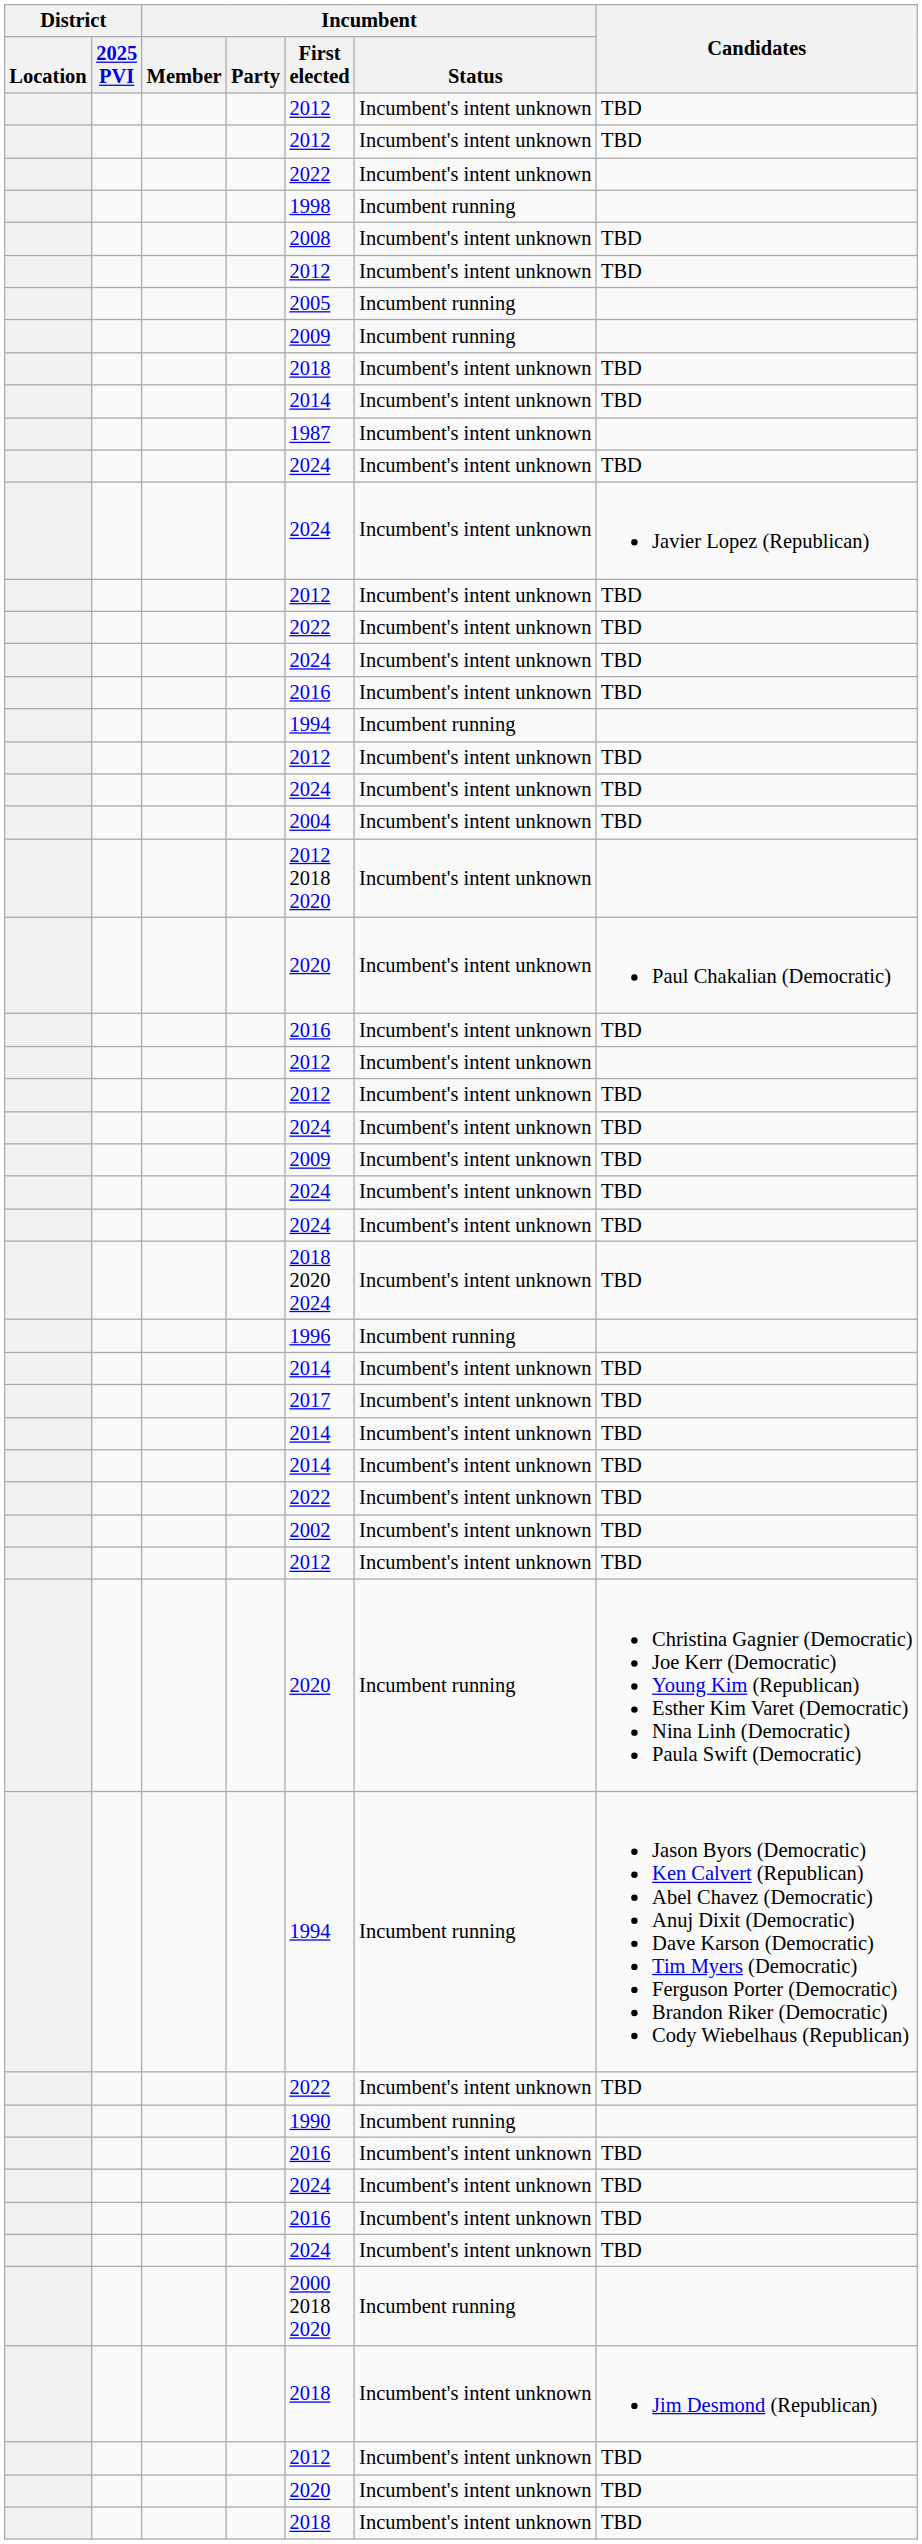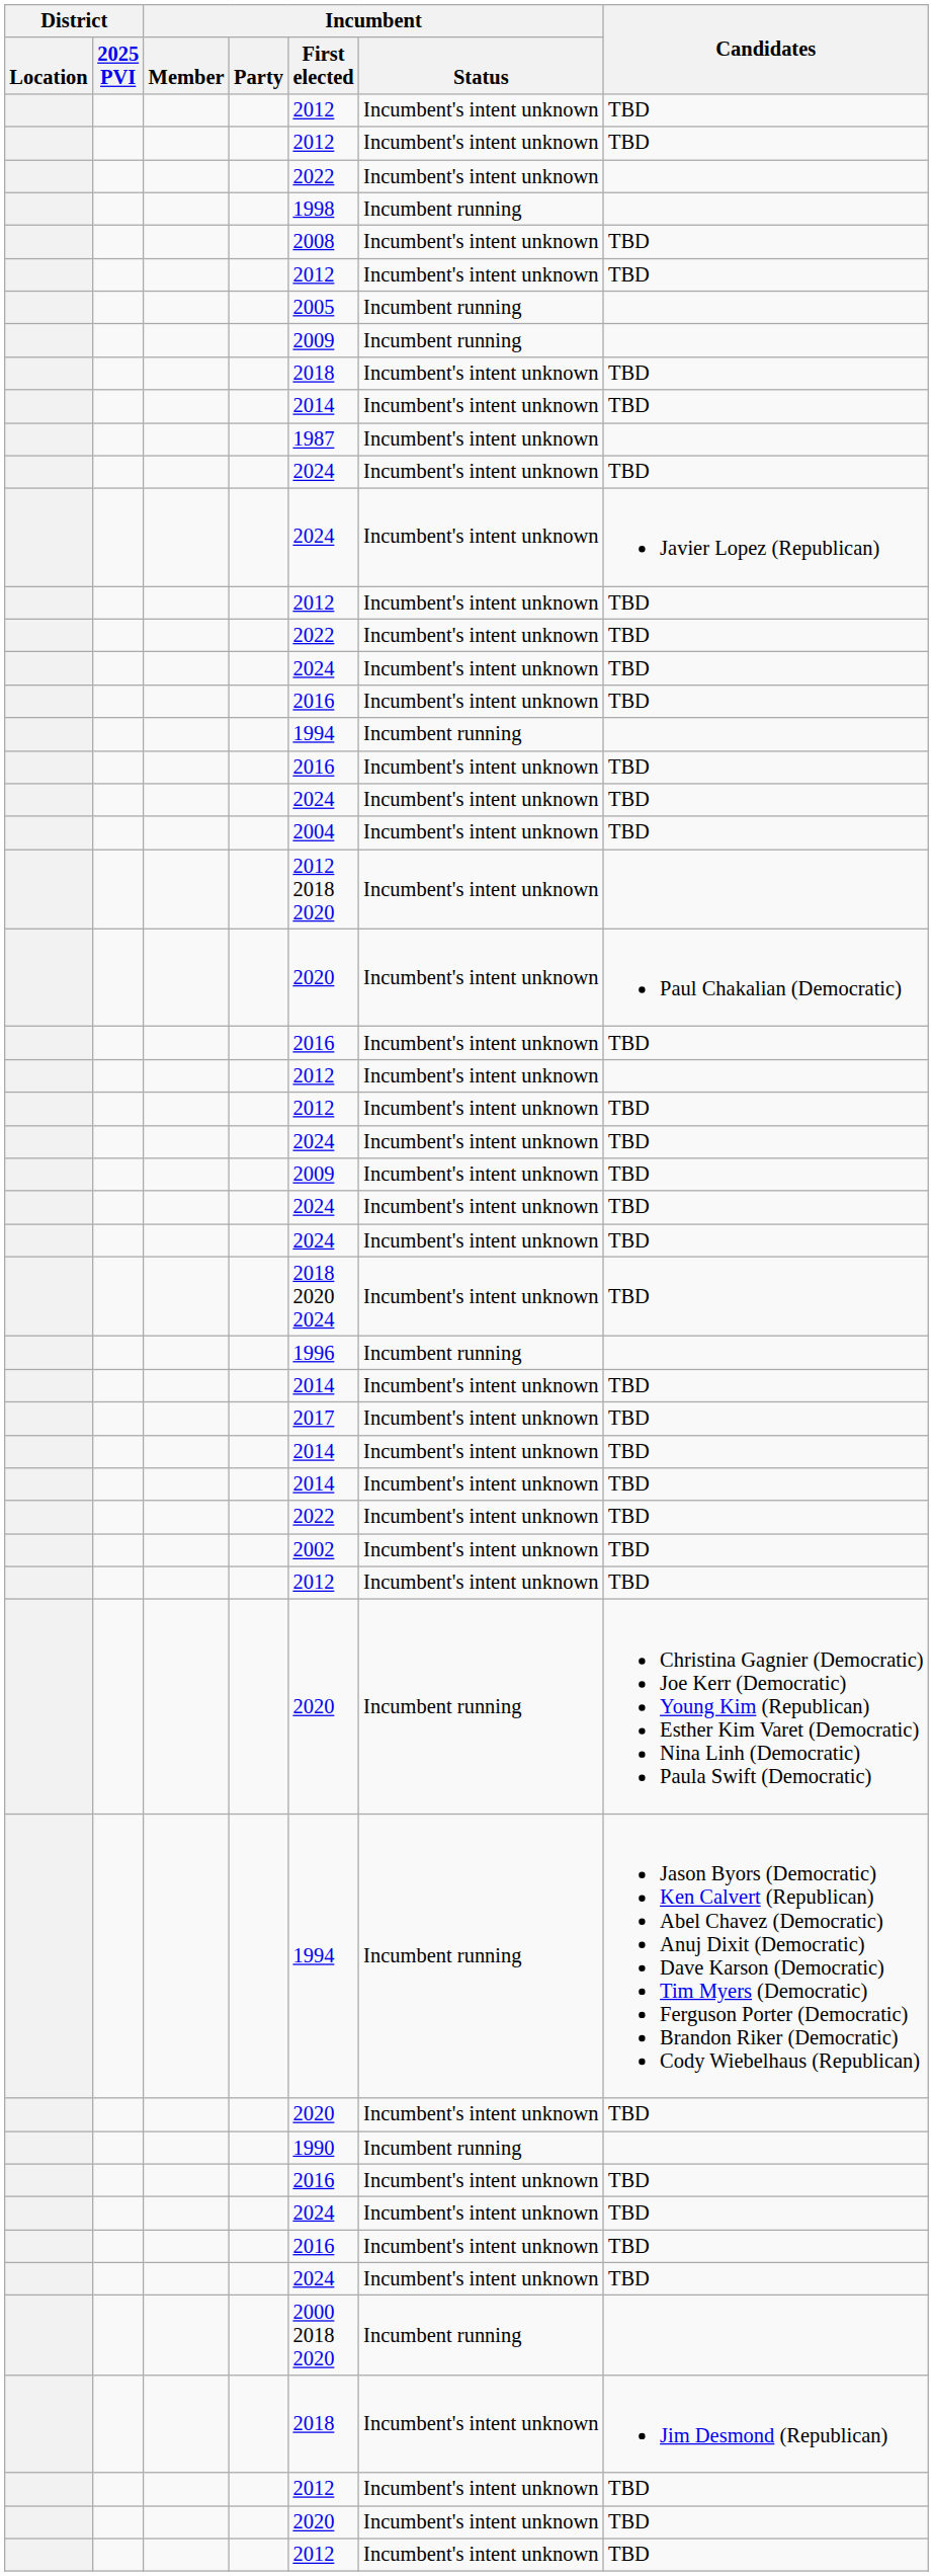 <table class="wikitable sortable">
 <tr>
 <th colspan=2>District</th>
 <th colspan=4>Incumbent</th>
 <th rowspan=2 class="unsortable">Candidates</th>
 </tr>
 <tr valign=bottom>
 <th>Location</th>
 <th><a href='#'>2025<br>PVI</a></th>
 <th>Member</th>
 <th>Party</th>
 <th>First<br>elected</th>
 <th>Status</th>
 </tr>
 <tr>
 <th></th>
 <td></td>
 <td></td>
 <td></td>
 <td><a href='#'>2012</a></td>
 <td>Incumbent's intent unknown</td>
 <td>TBD</td>
 </tr>
 <tr>
 <th></th>
 <td></td>
 <td></td>
 <td></td>
 <td><a href='#'>2012</a></td>
 <td>Incumbent's intent unknown</td>
 <td>TBD</td>
 </tr>
 <tr>
 <th></th>
 <td></td>
 <td></td>
 <td></td>
 <td><a href='#'>2022</a></td>
 <td>Incumbent's intent unknown</td>
 <td></td>
 </tr>
 <tr>
 <th></th>
 <td></td>
 <td></td>
 <td></td>
 <td><a href='#'>1998</a></td>
 <td>Incumbent running</td>
 <td></td>
 </tr>
 <tr>
 <th></th>
 <td></td>
 <td></td>
 <td></td>
 <td><a href='#'>2008</a></td>
 <td>Incumbent's intent unknown</td>
 <td>TBD</td>
 </tr>
 <tr>
 <th></th>
 <td></td>
 <td></td>
 <td></td>
 <td><a href='#'>2012</a></td>
 <td>Incumbent's intent unknown</td>
 <td>TBD</td>
 </tr>
 <tr>
 <th></th>
 <td></td>
 <td></td>
 <td></td>
 <td><a href='#'>2005 </a></td>
 <td>Incumbent running</td>
 <td></td>
 </tr>
 <tr>
 <th></th>
 <td></td>
 <td></td>
 <td></td>
 <td><a href='#'>2009 </a></td>
 <td>Incumbent running</td>
 <td></td>
 </tr>
 <tr>
 <th></th>
 <td></td>
 <td></td>
 <td></td>
 <td><a href='#'>2018</a></td>
 <td>Incumbent's intent unknown</td>
 <td>TBD</td>
 </tr>
 <tr>
 <th></th>
 <td></td>
 <td></td>
 <td></td>
 <td><a href='#'>2014</a></td>
 <td>Incumbent's intent unknown</td>
 <td>TBD</td>
 </tr>
 <tr>
 <th></th>
 <td></td>
 <td></td>
 <td></td>
 <td><a href='#'>1987 </a></td>
 <td>Incumbent's intent unknown</td>
 <td></td>
 </tr>
 <tr>
 <th></th>
 <td></td>
 <td></td>
 <td></td>
 <td><a href='#'>2024</a></td>
 <td>Incumbent's intent unknown</td>
 <td>TBD</td>
 </tr>
 <tr>
 <th></th>
 <td></td>
 <td></td>
 <td></td>
 <td><a href='#'>2024</a></td>
 <td>Incumbent's intent unknown</td>
 <td><br><ul><li>Javier Lopez (Republican)</li></ul></td>
 </tr>
 <tr>
 <th></th>
 <td></td>
 <td></td>
 <td></td>
 <td><a href='#'>2012</a></td>
 <td>Incumbent's intent unknown</td>
 <td>TBD</td>
 </tr>
 <tr>
 <th></th>
 <td></td>
 <td></td>
 <td></td>
 <td><a href='#'>2022</a></td>
 <td>Incumbent's intent unknown</td>
 <td>TBD</td>
 </tr>
 <tr>
 <th></th>
 <td></td>
 <td></td>
 <td></td>
 <td><a href='#'>2024</a></td>
 <td>Incumbent's intent unknown</td>
 <td>TBD</td>
 </tr>
 <tr>
 <th></th>
 <td></td>
 <td></td>
 <td></td>
 <td><a href='#'>2016</a></td>
 <td>Incumbent's intent unknown</td>
 <td>TBD</td>
 </tr>
 <tr>
 <th></th>
 <td></td>
 <td></td>
 <td></td>
 <td><a href='#'>1994</a></td>
 <td>Incumbent running</td>
 <td></td>
 </tr>
 <tr>
 <th></th>
 <td></td>
 <td></td>
 <td></td>
-<td><a href='#'>2012</a></td>
+<td><a href='#'>2016</a></td>
 <td>Incumbent's intent unknown</td>
 <td>TBD</td>
 </tr>
 <tr>
 <th></th>
 <td></td>
 <td></td>
 <td></td>
 <td><a href='#'>2024 </a></td>
 <td>Incumbent's intent unknown</td>
 <td>TBD</td>
 </tr>
 <tr>
 <th></th>
 <td></td>
 <td></td>
 <td></td>
 <td><a href='#'>2004</a></td>
 <td>Incumbent's intent unknown</td>
 <td>TBD</td>
 </tr>
 <tr>
 <th></th>
 <td></td>
 <td></td>
 <td></td>
 <td><a href='#'>2012</a><br>2018 <br><a href='#'>2020</a></td>
 <td>Incumbent's intent unknown</td>
 <td></td>
 </tr>
 <tr>
 <th></th>
 <td></td>
 <td></td>
 <td></td>
 <td><a href='#'>2020</a></td>
 <td>Incumbent's intent unknown</td>
 <td><br><ul><li>Paul Chakalian (Democratic)</li></ul></td>
 </tr>
 <tr>
 <th></th>
 <td></td>
 <td></td>
 <td></td>
 <td><a href='#'>2016</a></td>
 <td>Incumbent's intent unknown</td>
 <td>TBD</td>
 </tr>
 <tr>
 <th></th>
 <td></td>
 <td></td>
 <td></td>
 <td><a href='#'>2012</a></td>
 <td>Incumbent's intent unknown</td>
 <td></td>
 </tr>
 <tr>
 <th></th>
 <td></td>
 <td></td>
 <td></td>
 <td><a href='#'>2012</a></td>
 <td>Incumbent's intent unknown</td>
 <td>TBD</td>
 </tr>
 <tr>
 <th></th>
 <td></td>
 <td></td>
 <td></td>
 <td><a href='#'>2024</a></td>
 <td>Incumbent's intent unknown</td>
 <td>TBD</td>
 </tr>
 <tr>
 <th></th>
 <td></td>
 <td></td>
 <td></td>
 <td><a href='#'>2009 </a></td>
 <td>Incumbent's intent unknown</td>
 <td>TBD</td>
 </tr>
 <tr>
 <th></th>
 <td></td>
 <td></td>
 <td></td>
 <td><a href='#'>2024</a></td>
 <td>Incumbent's intent unknown</td>
 <td>TBD</td>
 </tr>
 <tr>
 <th></th>
 <td></td>
 <td></td>
 <td></td>
 <td><a href='#'>2024</a></td>
 <td>Incumbent's intent unknown</td>
 <td>TBD</td>
 </tr>
 <tr>
 <th></th>
 <td></td>
 <td></td>
 <td></td>
 <td><a href='#'>2018</a><br>2020 <br><a href='#'>2024</a></td>
 <td>Incumbent's intent unknown</td>
 <td>TBD</td>
 </tr>
 <tr>
 <th></th>
 <td></td>
 <td></td>
 <td></td>
 <td><a href='#'>1996</a></td>
 <td>Incumbent running</td>
 <td></td>
 </tr>
 <tr>
 <th></th>
 <td></td>
 <td></td>
 <td></td>
 <td><a href='#'>2014</a></td>
 <td>Incumbent's intent unknown</td>
 <td>TBD</td>
 </tr>
 <tr>
 <th></th>
 <td></td>
 <td></td>
 <td></td>
 <td><a href='#'>2017 </a></td>
 <td>Incumbent's intent unknown</td>
 <td>TBD</td>
 </tr>
 <tr>
 <th></th>
 <td></td>
 <td></td>
 <td></td>
 <td><a href='#'>2014</a></td>
 <td>Incumbent's intent unknown</td>
 <td>TBD</td>
 </tr>
 <tr>
 <th></th>
 <td></td>
 <td></td>
 <td></td>
 <td><a href='#'>2014</a></td>
 <td>Incumbent's intent unknown</td>
 <td>TBD</td>
 </tr>
 <tr>
 <th></th>
 <td></td>
 <td></td>
 <td></td>
 <td><a href='#'>2022</a></td>
 <td>Incumbent's intent unknown</td>
 <td>TBD</td>
 </tr>
 <tr>
 <th></th>
 <td></td>
 <td></td>
 <td></td>
 <td><a href='#'>2002</a></td>
 <td>Incumbent's intent unknown</td>
 <td>TBD</td>
 </tr>
 <tr>
 <th></th>
 <td></td>
 <td></td>
 <td></td>
 <td><a href='#'>2012</a></td>
 <td>Incumbent's intent unknown</td>
 <td>TBD</td>
 </tr>
 <tr>
 <th></th>
 <td></td>
 <td></td>
 <td></td>
 <td><a href='#'>2020</a></td>
 <td>Incumbent running</td>
 <td><br><ul><li>Christina Gagnier (Democratic)</li><li>Joe Kerr (Democratic)</li><li><a href='#'>Young Kim</a> (Republican)</li><li>Esther Kim Varet (Democratic)</li><li>Nina Linh (Democratic)</li><li>Paula Swift (Democratic)</li></ul></td>
 </tr>
 <tr>
 <th></th>
 <td></td>
 <td></td>
 <td></td>
 <td><a href='#'>1994</a></td>
 <td>Incumbent running</td>
 <td nowrap><br><ul><li>Jason Byors (Democratic)</li><li><a href='#'>Ken Calvert</a> (Republican)</li><li>Abel Chavez (Democratic)</li><li>Anuj Dixit (Democratic)</li><li>Dave Karson (Democratic)</li><li><a href='#'>Tim Myers</a> (Democratic)</li><li>Ferguson Porter (Democratic)</li><li>Brandon Riker (Democratic)</li><li>Cody Wiebelhaus (Republican)</li></ul></td>
 </tr>
 <tr>
 <th></th>
 <td></td>
 <td></td>
 <td></td>
-<td><a href='#'>2022</a></td>
+<td><a href='#'>2020</a></td>
 <td>Incumbent's intent unknown</td>
 <td>TBD</td>
 </tr>
 <tr>
 <th></th>
 <td></td>
 <td></td>
 <td></td>
 <td><a href='#'>1990</a></td>
 <td>Incumbent running</td>
 <td></td>
 </tr>
 <tr>
 <th></th>
 <td></td>
 <td></td>
 <td></td>
 <td><a href='#'>2016</a></td>
 <td>Incumbent's intent unknown</td>
 <td>TBD</td>
 </tr>
 <tr>
 <th></th>
 <td></td>
 <td></td>
 <td></td>
 <td><a href='#'>2024</a></td>
 <td>Incumbent's intent unknown</td>
 <td>TBD</td>
 </tr>
 <tr>
 <th></th>
 <td></td>
 <td></td>
 <td></td>
 <td><a href='#'>2016</a></td>
 <td>Incumbent's intent unknown</td>
 <td>TBD</td>
 </tr>
 <tr>
 <th></th>
 <td></td>
 <td></td>
 <td></td>
 <td><a href='#'>2024</a></td>
 <td>Incumbent's intent unknown</td>
 <td>TBD</td>
 </tr>
 <tr>
 <th></th>
 <td></td>
 <td></td>
 <td></td>
 <td><a href='#'>2000</a><br>2018 <br><a href='#'>2020</a></td>
 <td>Incumbent running</td>
 <td></td>
 </tr>
 <tr>
 <th></th>
 <td></td>
 <td></td>
 <td></td>
 <td><a href='#'>2018</a></td>
 <td>Incumbent's intent unknown</td>
 <td><br><ul><li><a href='#'>Jim Desmond</a> (Republican)</li></ul></td>
 </tr>
 <tr>
 <th></th>
 <td></td>
 <td></td>
 <td></td>
 <td><a href='#'>2012</a></td>
 <td>Incumbent's intent unknown</td>
 <td>TBD</td>
 </tr>
 <tr>
 <th></th>
 <td></td>
 <td></td>
 <td></td>
 <td><a href='#'>2020</a></td>
 <td>Incumbent's intent unknown</td>
 <td>TBD</td>
 </tr>
 <tr>
 <th></th>
 <td></td>
 <td></td>
 <td></td>
-<td><a href='#'>2018</a></td>
+<td><a href='#'>2012</a></td>
 <td>Incumbent's intent unknown</td>
 <td>TBD</td>
 </tr>
 </table>
